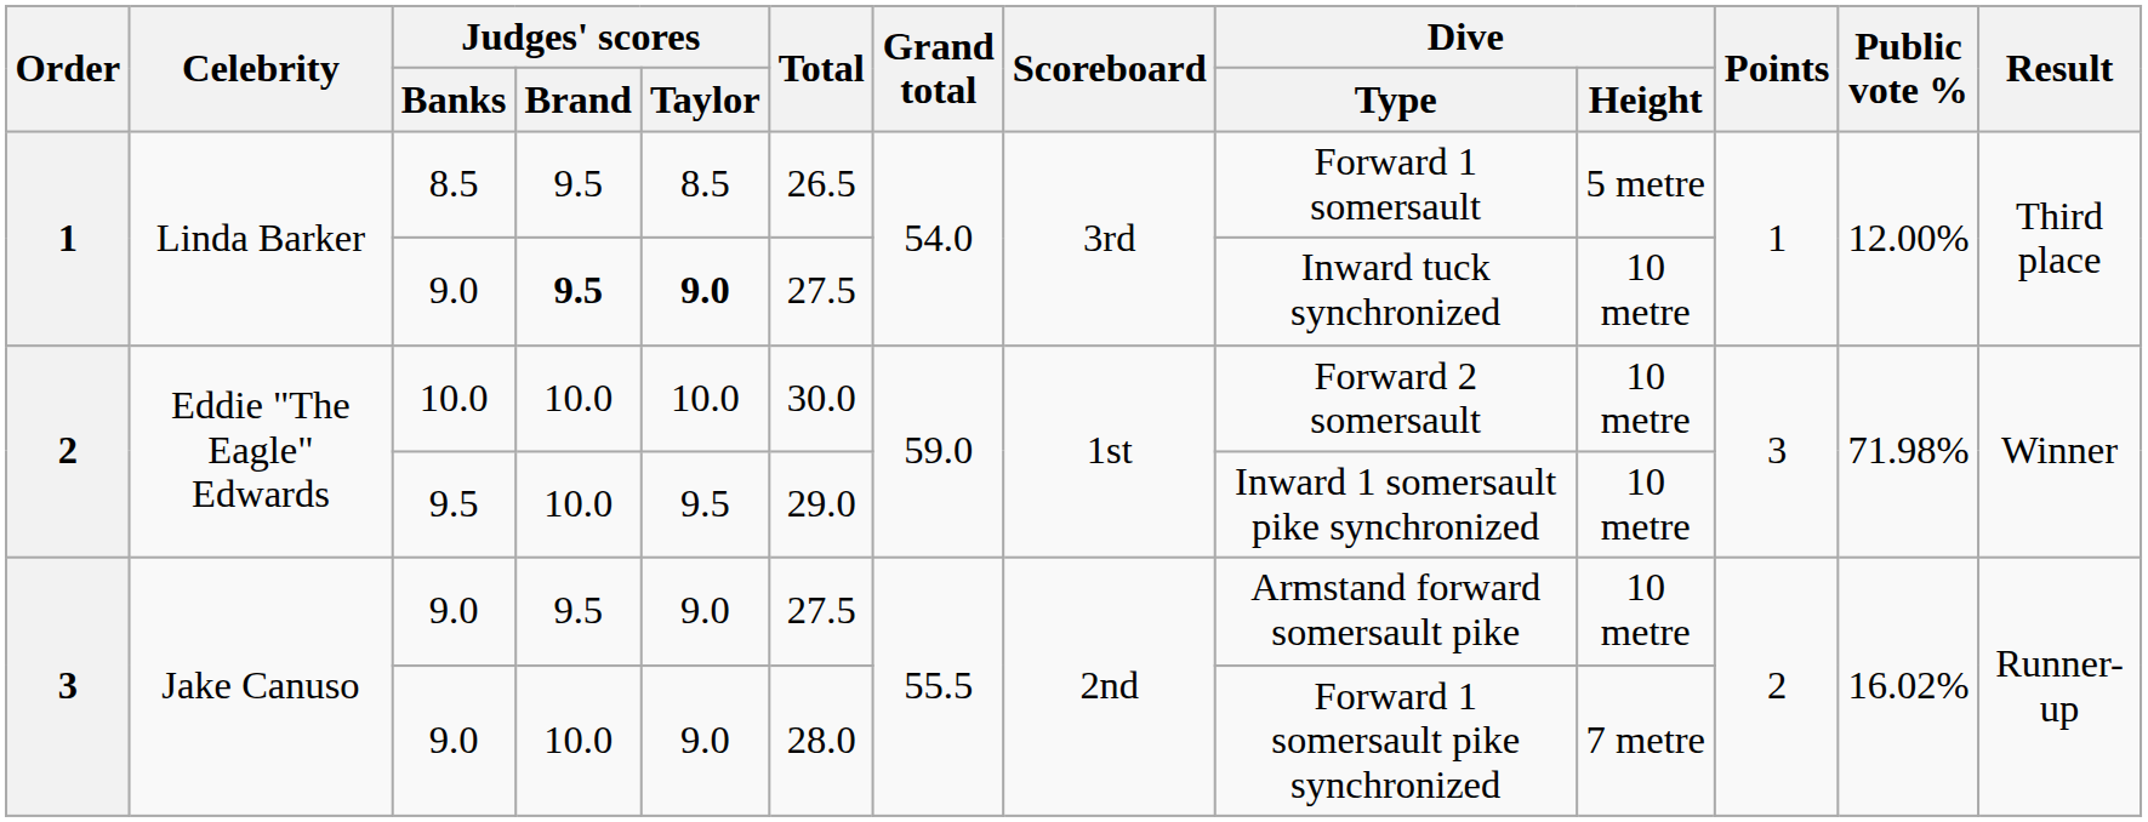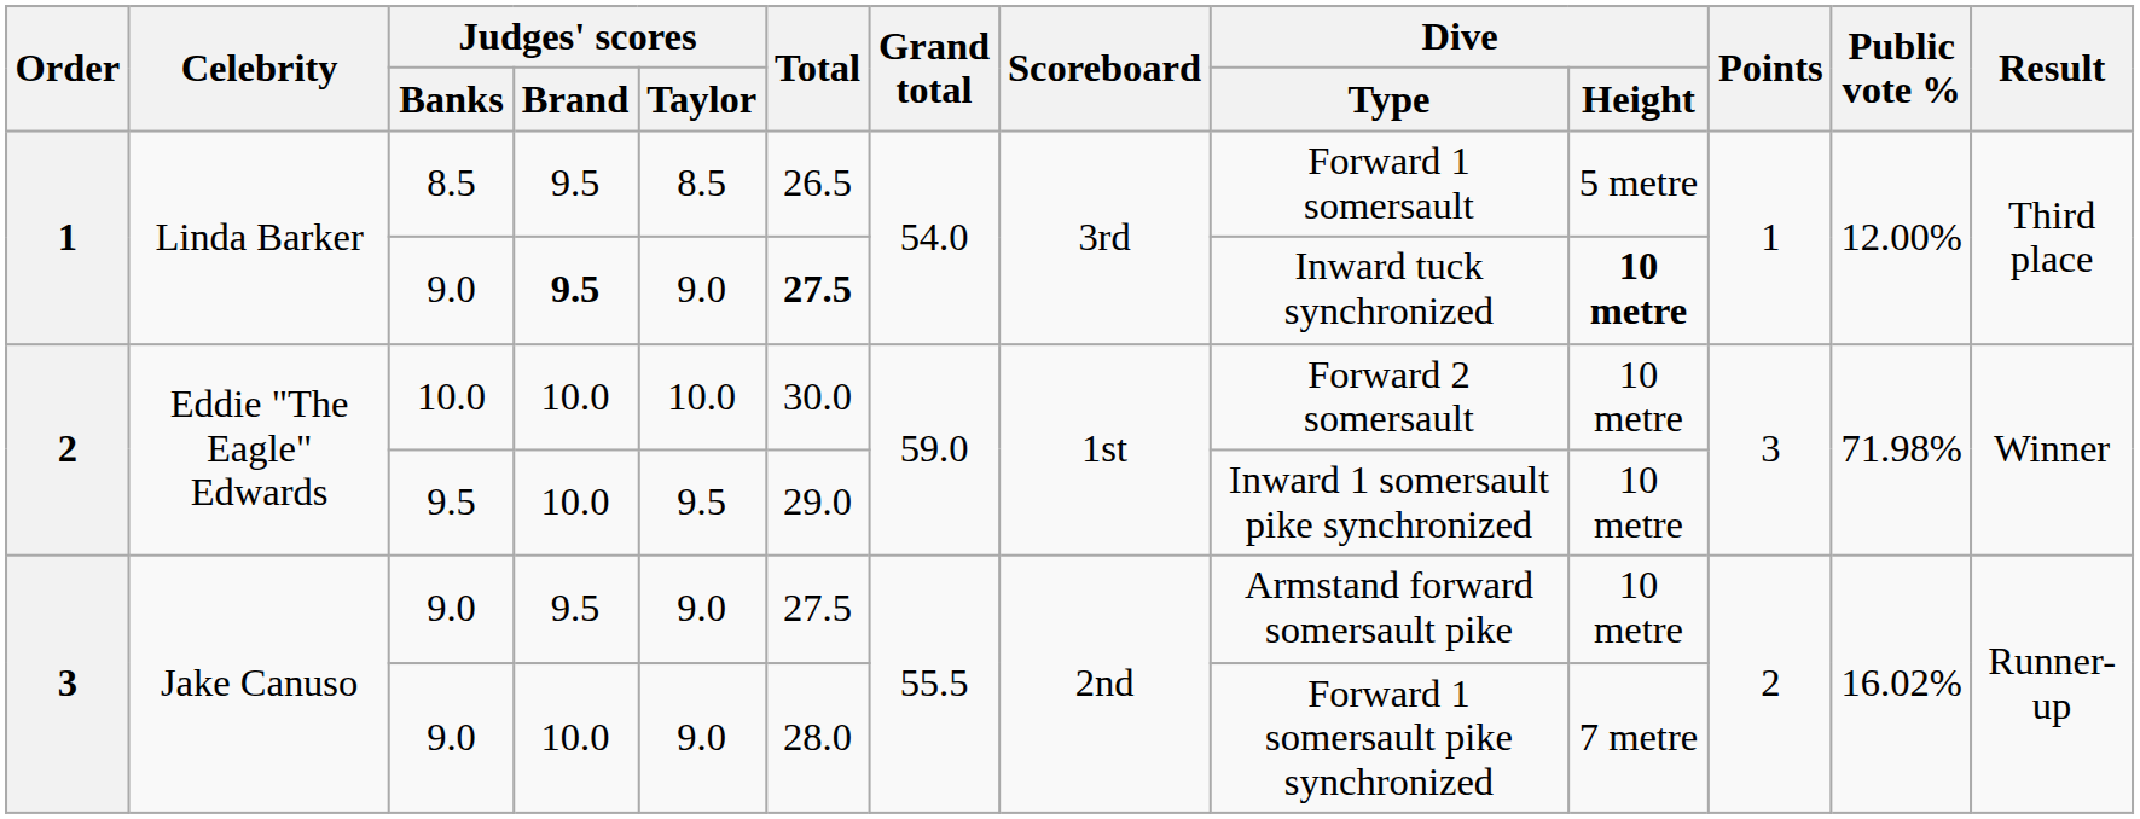 <table class="wikitable" style="margin= auto; text-align: center;">
 <tr>
 <th scope=row rowspan=2>Order</th>
 <th rowspan=2>Celebrity</th>
 <th colspan=3>Judges' scores</th>
 <th rowspan=2>Total</th>
 <th rowspan=2>Grand<br>total</th>
 <th rowspan=2>Scoreboard</th>
 <th colspan=2>Dive</th>
 <th rowspan=2>Points</th>
 <th rowspan=2>Public<br>vote %</th>
 <th rowspan=2>Result</th>
 </tr>
 <tr>
 <th>Banks</th>
 <th>Brand</th>
 <th>Taylor</th>
 <th>Type</th>
 <th>Height</th>
 </tr>
 <tr>
 <th scope=row rowspan=2>1</th>
 <td rowspan=2>Linda Barker</td>
 <td>8.5</td>
 <td>9.5</td>
 <td>8.5</td>
 <td>26.5</td>
 <td rowspan=2>54.0</td>
 <td rowspan=2>3rd</td>
 <td>Forward 1  somersault</td>
 <td>5 metre</td>
 <td rowspan=2>1</td>
 <td rowspan=2>12.00%</td>
 <td rowspan=2>Third place</td>
 </tr>
 <tr>
 <td>9.0</td>
 <td><strong>9.5</strong></td>
-<td><strong>9.0</strong></td>
-<td>27.5</td>
+<td>9.0</td>
+<td><strong>27.5</strong></td>
 <td>Inward tuck synchronized</td>
-<td>10 metre</td>
+<td><strong>10 metre</strong></td>
 </tr>
 <tr>
 <th scope=row rowspan=2>2</th>
 <td rowspan=2>Eddie "The Eagle" Edwards</td>
 <td>10.0</td>
 <td>10.0</td>
 <td>10.0</td>
 <td>30.0</td>
 <td rowspan=2>59.0</td>
 <td rowspan=2>1st</td>
 <td>Forward 2  somersault</td>
 <td>10 metre</td>
 <td rowspan=2>3</td>
 <td rowspan=2>71.98%</td>
 <td rowspan=2>Winner</td>
 </tr>
 <tr>
 <td>9.5</td>
 <td>10.0</td>
 <td>9.5</td>
 <td>29.0</td>
 <td>Inward 1  somersault pike synchronized</td>
 <td>10 metre</td>
 </tr>
 <tr>
 <th scope=row rowspan=2>3</th>
 <td rowspan=2>Jake Canuso</td>
 <td>9.0</td>
 <td>9.5</td>
 <td>9.0</td>
 <td>27.5</td>
 <td rowspan=2>55.5</td>
 <td rowspan=2>2nd</td>
 <td>Armstand forward somersault pike</td>
 <td>10 metre</td>
 <td rowspan=2>2</td>
 <td rowspan=2>16.02%</td>
 <td rowspan=2>Runner-up</td>
 </tr>
 <tr>
 <td>9.0</td>
 <td>10.0</td>
 <td>9.0</td>
 <td>28.0</td>
 <td>Forward 1  somersault pike synchronized</td>
 <td>7  metre</td>
 </tr>
 </table>
